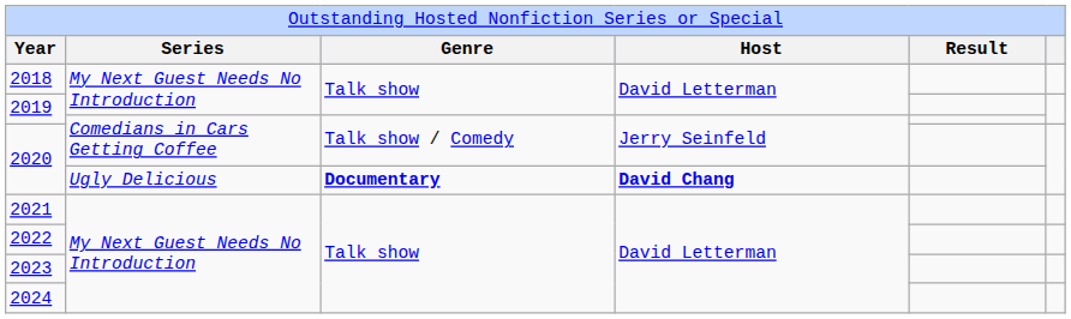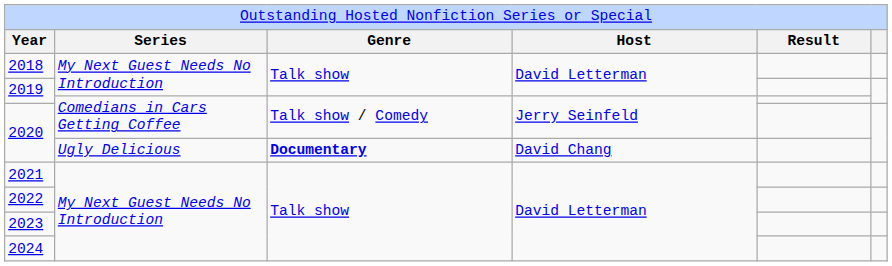 <table class="wikitable plainrowheaders" style="font-size: 90%" width=80%>
 <tr ---- bgcolor="#bfd7ff">
 <td colspan=6 align=center><a href='#'>Outstanding Hosted Nonfiction Series or Special</a></td>
 </tr>
 <tr ---- bgcolor="#bfd7ff">
 <th scope="col" style="width:1%;">Year</th>
 <th scope="col" style="width:13%;">Series</th>
 <th scope="col" style="width:15%;">Genre</th>
 <th scope="col" style="width:15%;">Host</th>
 <th scope="col" style="width:7%;">Result</th>
 <th scope="col" style="width:1%;"></th>
 </tr>
 <tr>
 <td><a href='#'>2018</a></td>
 <td rowspan="2"><em><a href='#'>My Next Guest Needs No Introduction</a></em></td>
 <td rowspan="2"><a href='#'>Talk show</a></td>
 <td rowspan="2"><a href='#'>David Letterman</a></td>
 <td></td>
 <td></td>
 </tr>
 <tr>
 <td rowspan="2"><a href='#'>2019</a></td>
 <td></td>
 <td rowspan="2"></td>
 </tr>
 <tr>
 <td rowspan="2"><em><a href='#'>Comedians in Cars Getting Coffee</a></em></td>
 <td rowspan="2"><a href='#'>Talk show</a> / <a href='#'>Comedy</a></td>
 <td rowspan="2"><a href='#'>Jerry Seinfeld</a></td>
 <td></td>
 </tr>
 <tr>
 <td rowspan="2"><a href='#'>2020</a></td>
 <td></td>
 <td rowspan="2"></td>
 </tr>
 <tr>
 <td><em><a href='#'>Ugly Delicious</a></em></td>
 <td><strong><a href='#'>Documentary</a></strong></td>
-<td><strong><a href='#'>David Chang</a></strong></td>
+<td><a href='#'>David Chang</a></td>
 <td></td>
 </tr>
 <tr>
 <td><a href='#'>2021</a></td>
 <td rowspan="4"><em><a href='#'>My Next Guest Needs No Introduction</a></em></td>
 <td rowspan="4"><a href='#'>Talk show</a></td>
 <td rowspan="4"><a href='#'>David Letterman</a></td>
 <td></td>
 <td></td>
 </tr>
 <tr>
 <td><a href='#'>2022</a></td>
 <td></td>
 <td></td>
 </tr>
 <tr>
 <td><a href='#'>2023</a></td>
 <td></td>
 <td></td>
 </tr>
 <tr>
 <td><a href='#'>2024</a></td>
 <td></td>
 <td></td>
 </tr>
 </table>
